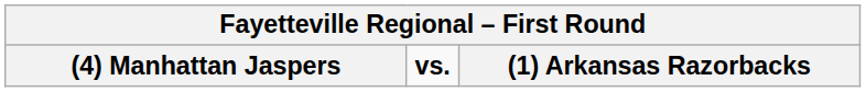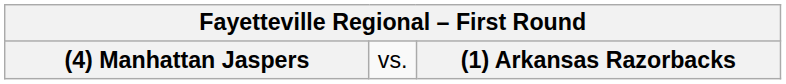 <table class="wikitable">
 <tr>
 <th style="width: 513px;" colspan=3>Fayetteville Regional – First Round</th>
 </tr>
 <tr>
 <th style="width: 244px; ">(4) Manhattan Jaspers</th>
-<td style="width: 25px; text-align:center"><strong>vs.</strong></td>
+<td style="width: 25px; text-align:center">vs.</td>
 <th style="width: 244px; ">(1) Arkansas Razorbacks</th>
 </tr>
 </table>
